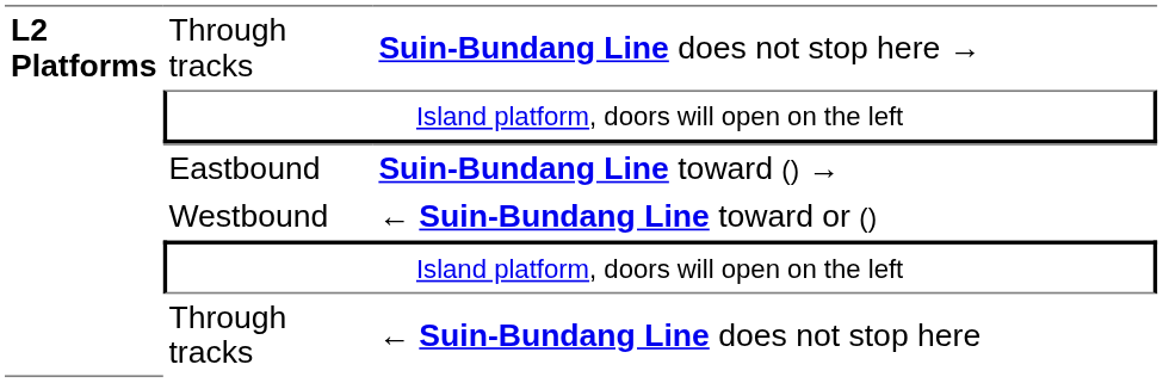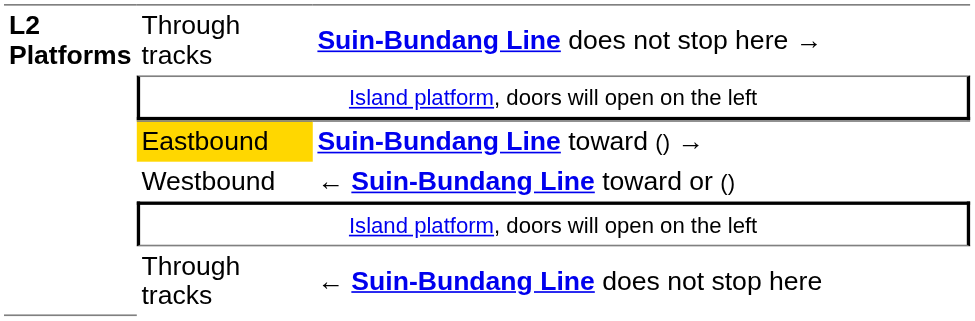 <table table border=0 cellspacing=0 cellpadding=3>
 <tr>
 <td style="border-top:solid 1px gray;border-bottom:solid 1px gray;" width=50 rowspan=7 valign=top><strong>L2<br>Platforms</strong></td>
 </tr>
 <tr>
 <td style="border-bottom:solid 0px gray;border-top:solid 1px gray;" width=100>Through tracks</td>
 <td style="border-bottom:solid 0px gray;border-top:solid 1px gray;" width=390> <a href='#'><span><strong>Suin-Bundang Line</strong></span></a> does not stop here →</td>
 </tr>
 <tr>
 <td style="black;border-top:solid 1px gray;black;border-right:solid 2px black;border-left:solid 2px black;border-bottom:solid 2px black;text-align:center;" colspan=2><small><a href='#'>Island platform</a>, doors will open on the left</small></td>
 </tr>
 <tr>
-<td style="border-bottom:solid 0px gray;black;border-top:solid 1px gray;" width=100>Eastbound</td>
+<td style="background: gold; border-bottom:solid 0px gray;black;border-top:solid 1px gray;" width=100>Eastbound</td>
 <td style="border-bottom:solid 0px gray;black;border-top:solid 1px gray;" width=390> <a href='#'><span><strong>Suin-Bundang Line</strong></span></a> toward  <small>()</small> →</td>
 </tr>
 <tr>
 <td>Westbound</td>
 <td>← <a href='#'><span><strong>Suin-Bundang Line</strong></span></a> toward  or  <small>()</small></td>
 </tr>
 <tr>
 <td style="black;border-top:solid 2px black;border-right:solid 2px black;border-left:solid 2px black;border-bottom:solid 1px gray;text-align:center;" colspan=2><small><a href='#'>Island platform</a>, doors will open on the left</small></td>
 </tr>
 <tr>
 <td>Through tracks</td>
 <td>← <a href='#'><span><strong>Suin-Bundang Line</strong></span></a> does not stop here</td>
 </tr>
 </table>
